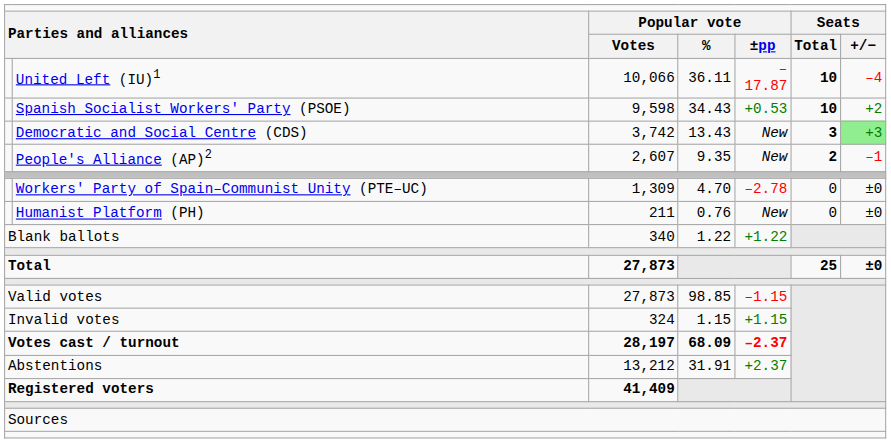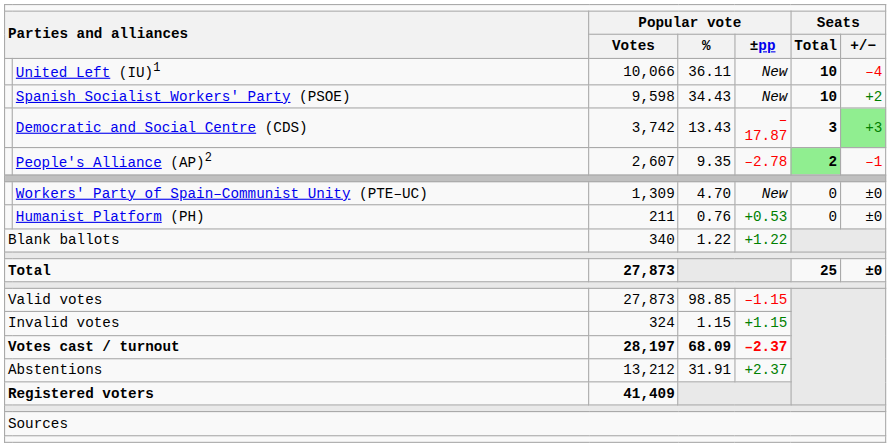 <table class="wikitable" style="text-align:right;">
 <tr>
 <td colspan="7"></td>
 </tr>
 <tr>
 <th style="text-align:left;" rowspan="2" colspan="2" width="525">Parties and alliances</th>
 <th colspan="3">Popular vote</th>
 <th colspan="2">Seats</th>
 </tr>
 <tr>
 <th width="75">Votes</th>
 <th width="45">%</th>
 <th width="45">±<a href='#'>pp</a></th>
 <th width="35">Total</th>
 <th width="35">+/−</th>
 </tr>
 <tr>
 <td width="1" style="color:inherit;background:"></td>
 <td align="left"><a href='#'>United Left</a> (IU)<sup>1</sup></td>
 <td>10,066</td>
 <td>36.11</td>
-<td style="color:red;">–17.87</td>
+<td><em>New</em></td>
 <td><strong>10</strong></td>
 <td style="color:red;">–4</td>
 </tr>
 <tr>
 <td style="color:inherit;background:"></td>
 <td align="left"><a href='#'>Spanish Socialist Workers' Party</a> (PSOE)</td>
 <td>9,598</td>
 <td>34.43</td>
-<td style="color:green;">+0.53</td>
+<td><em>New</em></td>
 <td><strong>10</strong></td>
 <td style="color:green;">+2</td>
 </tr>
 <tr>
 <td style="color:inherit;background:"></td>
 <td align="left"><a href='#'>Democratic and Social Centre</a> (CDS)</td>
 <td>3,742</td>
 <td>13.43</td>
-<td><em>New</em></td>
+<td style="color:red;">–17.87</td>
 <td><strong>3</strong></td>
 <td style="background: lightgreen; color:green;">+3</td>
 </tr>
 <tr>
 <td style="color:inherit;background:"></td>
 <td align="left"><a href='#'>People's Alliance</a> (AP)<sup>2</sup></td>
 <td>2,607</td>
 <td>9.35</td>
-<td><em>New</em></td>
-<td><strong>2</strong></td>
+<td style="color:red;">–2.78</td>
+<td style="background: lightgreen;"><strong>2</strong></td>
 <td style="color:red;">–1</td>
 </tr>
 <tr>
 <td colspan="7" bgcolor="#C0C0C0"></td>
 </tr>
 <tr>
 <td style="color:inherit;background:"></td>
 <td align="left"><a href='#'>Workers' Party of Spain–Communist Unity</a> (PTE–UC)</td>
 <td>1,309</td>
 <td>4.70</td>
-<td style="color:red;">–2.78</td>
+<td><em>New</em></td>
 <td>0</td>
 <td>±0</td>
 </tr>
 <tr>
 <td style="color:inherit;background:"></td>
 <td align="left"><a href='#'>Humanist Platform</a> (PH)</td>
 <td>211</td>
 <td>0.76</td>
-<td><em>New</em></td>
+<td style="color:green;">+0.53</td>
 <td>0</td>
 <td>±0</td>
 </tr>
 <tr>
 <td align="left" colspan="2">Blank ballots</td>
 <td>340</td>
 <td>1.22</td>
 <td style="color:green;">+1.22</td>
 <td bgcolor="#E9E9E9" colspan="2"></td>
 </tr>
 <tr>
 <td colspan="7" bgcolor="#E9E9E9"></td>
 </tr>
 <tr style="font-weight:bold;">
 <td align="left" colspan="2">Total</td>
 <td>27,873</td>
 <td bgcolor="#E9E9E9" colspan="2"></td>
 <td>25</td>
 <td>±0</td>
 </tr>
 <tr>
 <td colspan="7" bgcolor="#E9E9E9"></td>
 </tr>
 <tr>
 <td align="left" colspan="2">Valid votes</td>
 <td>27,873</td>
 <td>98.85</td>
 <td style="color:red;">–1.15</td>
 <td bgcolor="#E9E9E9" colspan="2" rowspan="5"></td>
 </tr>
 <tr>
 <td align="left" colspan="2">Invalid votes</td>
 <td>324</td>
 <td>1.15</td>
 <td style="color:green;">+1.15</td>
 </tr>
 <tr style="font-weight:bold;">
 <td align="left" colspan="2">Votes cast / turnout</td>
 <td>28,197</td>
 <td>68.09</td>
 <td style="color:red;">–2.37</td>
 </tr>
 <tr>
 <td align="left" colspan="2">Abstentions</td>
 <td>13,212</td>
 <td>31.91</td>
 <td style="color:green;">+2.37</td>
 </tr>
 <tr style="font-weight:bold;">
 <td align="left" colspan="2">Registered voters</td>
 <td>41,409</td>
 <td bgcolor="#E9E9E9" colspan="2"></td>
 </tr>
 <tr>
 <td colspan="7" bgcolor="#E9E9E9"></td>
 </tr>
 <tr>
 <td align="left" colspan="7">Sources</td>
 </tr>
 <tr>
 <td colspan="7" style="text-align:left; max-width:790px;"></td>
 </tr>
 </table>
